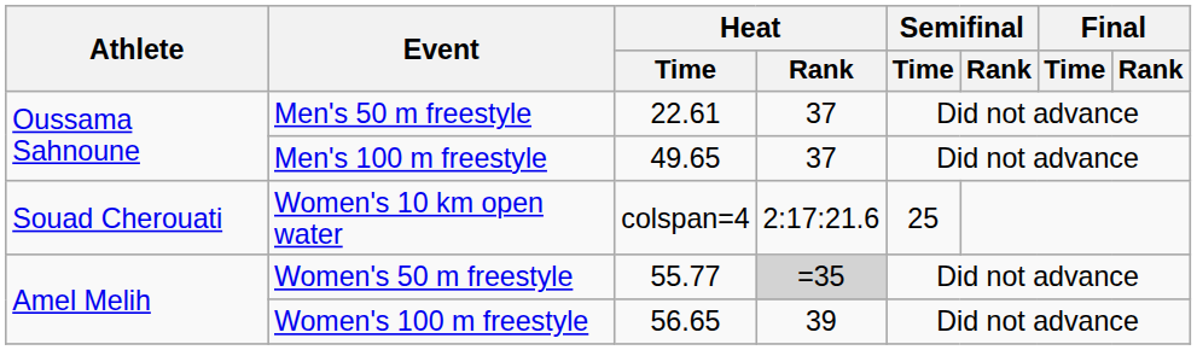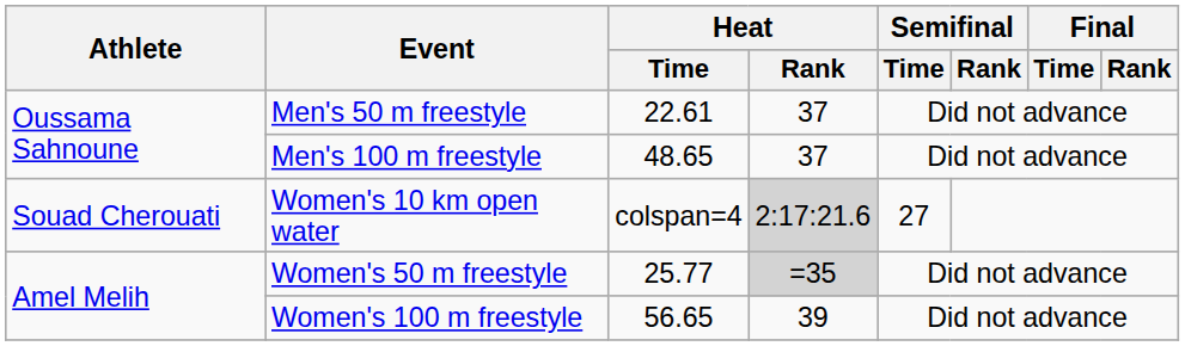 <table class=wikitable style="font-size:90%">
 <tr>
 <th rowspan="2">Athlete</th>
 <th rowspan="2">Event</th>
 <th colspan="2">Heat</th>
 <th colspan="2">Semifinal</th>
 <th colspan="2">Final</th>
 </tr>
 <tr style="font-size:95%">
 <th>Time</th>
 <th>Rank</th>
 <th>Time</th>
 <th>Rank</th>
 <th>Time</th>
 <th>Rank</th>
 </tr>
 <tr align=center>
 <td align=left rowspan=2><a href='#'>Oussama Sahnoune</a></td>
 <td align=left><a href='#'>Men's 50 m freestyle</a></td>
 <td>22.61</td>
 <td>37</td>
 <td colspan="4">Did not advance</td>
 </tr>
 <tr align=center>
 <td align=left><a href='#'>Men's 100 m freestyle</a></td>
-<td>49.65</td>
+<td>48.65</td>
 <td>37</td>
 <td colspan="4">Did not advance</td>
 </tr>
 <tr align=center>
 <td align=left><a href='#'>Souad Cherouati</a></td>
 <td align=left><a href='#'>Women's 10 km open water</a></td>
 <td>colspan=4 </td>
-<td>2:17:21.6</td>
-<td>25</td>
+<td style="background: lightgrey;">2:17:21.6</td>
+<td>27</td>
 </tr>
 <tr align=center>
 <td align=left rowspan=2><a href='#'>Amel Melih</a></td>
 <td align=left><a href='#'>Women's 50 m freestyle</a></td>
-<td>55.77</td>
+<td>25.77</td>
 <td style="background: lightgrey;">=35</td>
 <td colspan="4">Did not advance</td>
 </tr>
 <tr align=center>
 <td align=left><a href='#'>Women's 100 m freestyle</a></td>
 <td>56.65</td>
 <td>39</td>
 <td colspan="4">Did not advance</td>
 </tr>
 </table>
